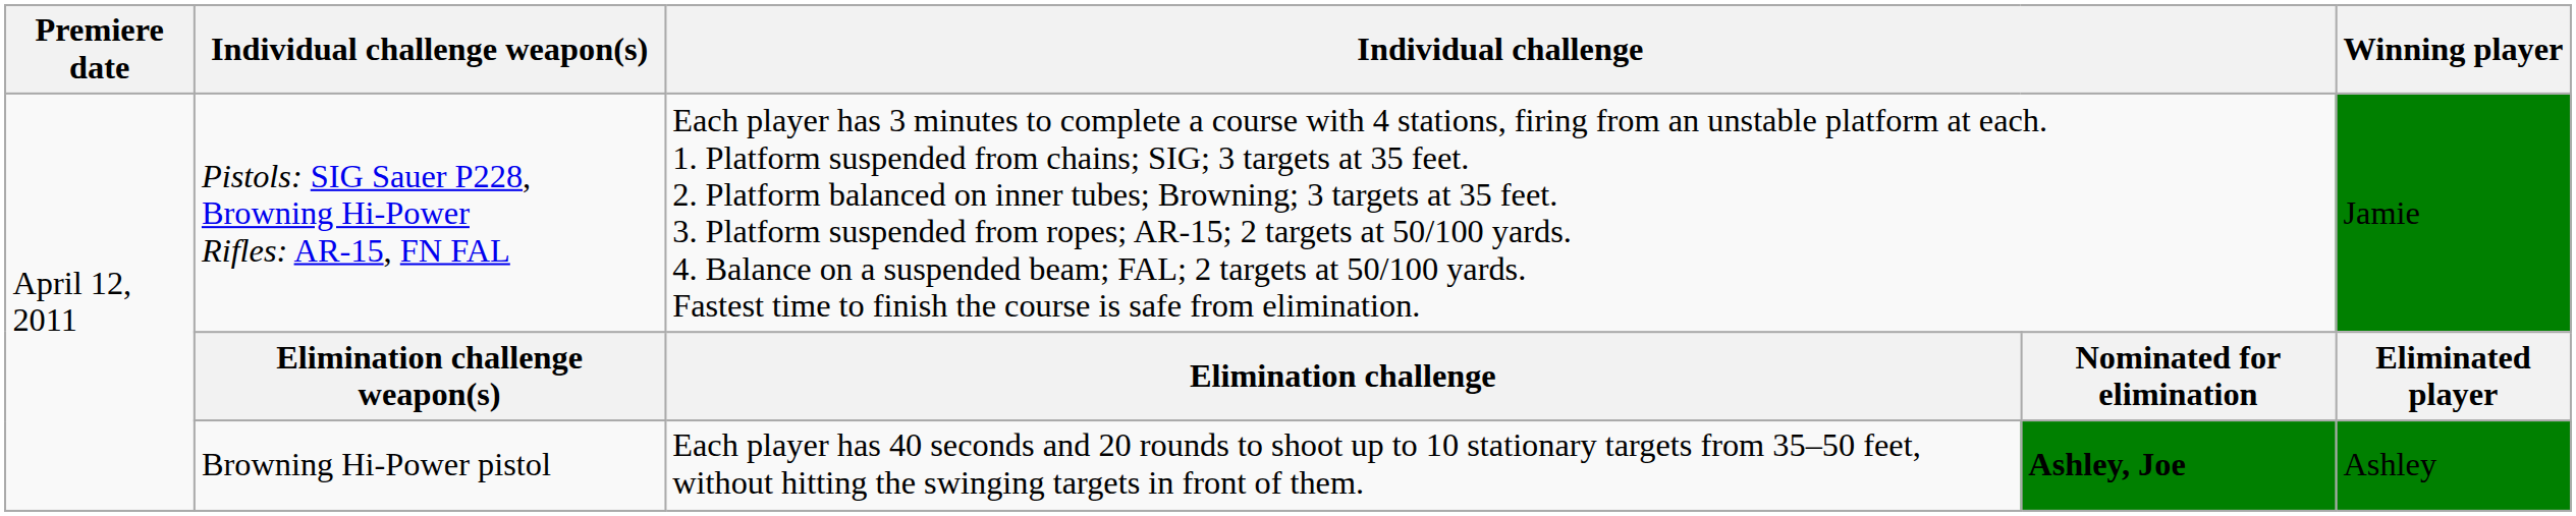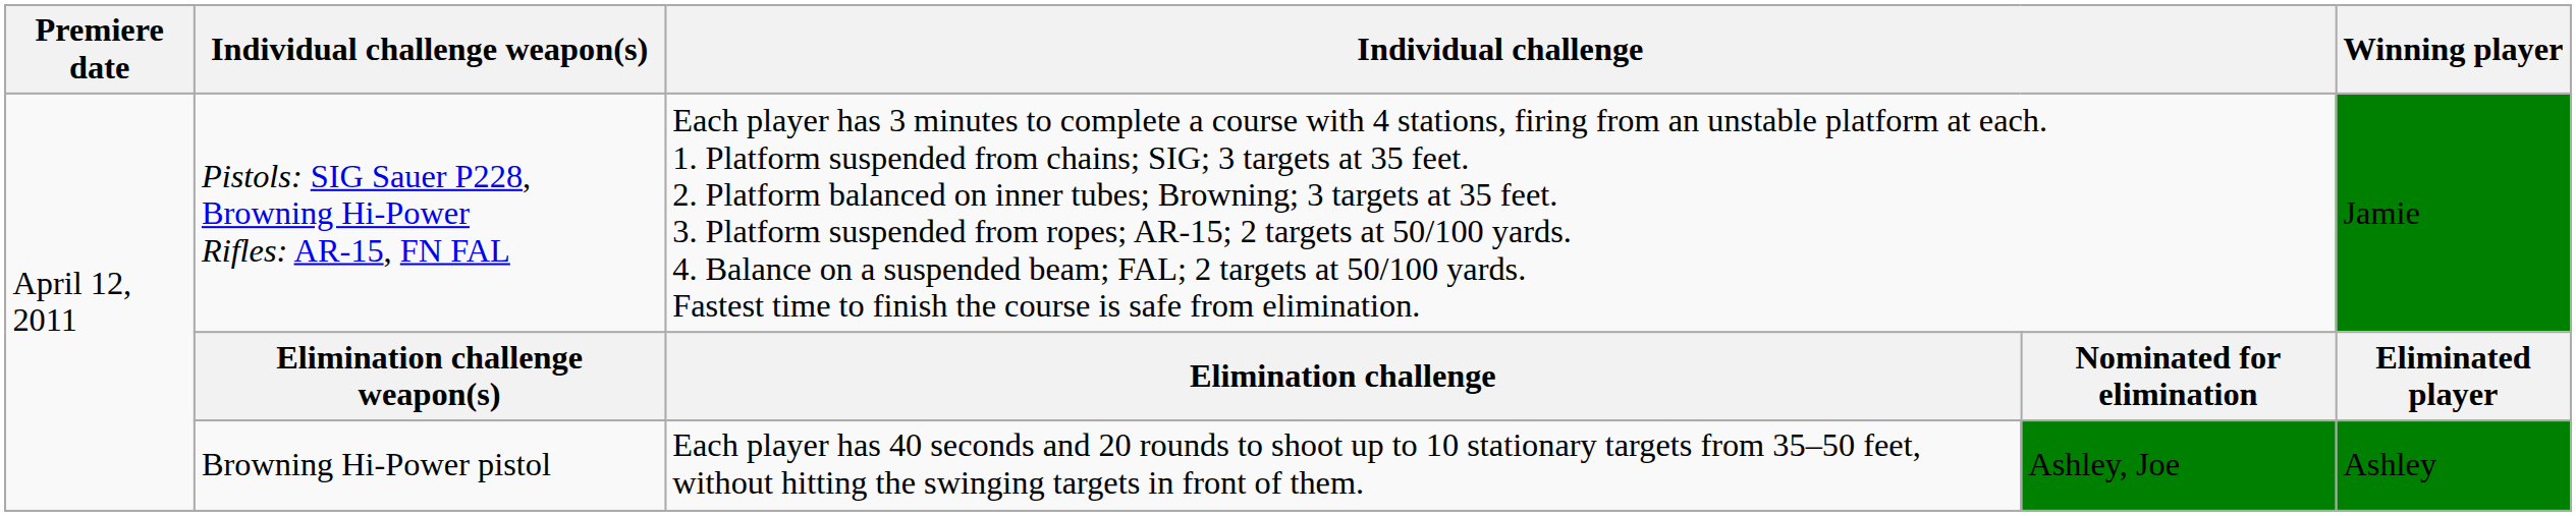 <table class="wikitable">
 <tr>
 <th>Premiere date</th>
 <th>Individual challenge weapon(s)</th>
 <th colspan="2">Individual challenge</th>
 <th>Winning player</th>
 </tr>
 <tr>
 <td rowspan="3">April 12, 2011</td>
 <td><em>Pistols:</em> <a href='#'>SIG Sauer P228</a>, <a href='#'>Browning Hi-Power</a><br><em>Rifles:</em> <a href='#'>AR-15</a>, <a href='#'>FN FAL</a></td>
 <td colspan="2">Each player has 3 minutes to complete a course with 4 stations, firing from an unstable platform at each.<br>1. Platform suspended from chains; SIG; 3 targets at 35 feet.<br>2. Platform balanced on inner tubes; Browning; 3 targets at 35 feet.<br>3. Platform suspended from ropes; AR-15; 2 targets at 50/100 yards.<br>4. Balance on a suspended beam; FAL; 2 targets at 50/100 yards.<br>Fastest time to finish the course is safe from elimination.</td>
 <td style="background:green;"><span>Jamie</span></td>
 </tr>
 <tr>
 <th>Elimination challenge weapon(s)</th>
 <th>Elimination challenge</th>
 <th>Nominated for elimination</th>
 <th>Eliminated player</th>
 </tr>
 <tr>
 <td>Browning Hi-Power pistol</td>
 <td>Each player has 40 seconds and 20 rounds to shoot up to 10 stationary targets from 35–50 feet, without hitting the swinging targets in front of them.</td>
-<td style="background:green;"><strong><span>Ashley, Joe</span></strong></td>
+<td style="background:green;"><span>Ashley, Joe</span></td>
 <td style="background:green;"><span>Ashley</span></td>
 </tr>
 </table>
